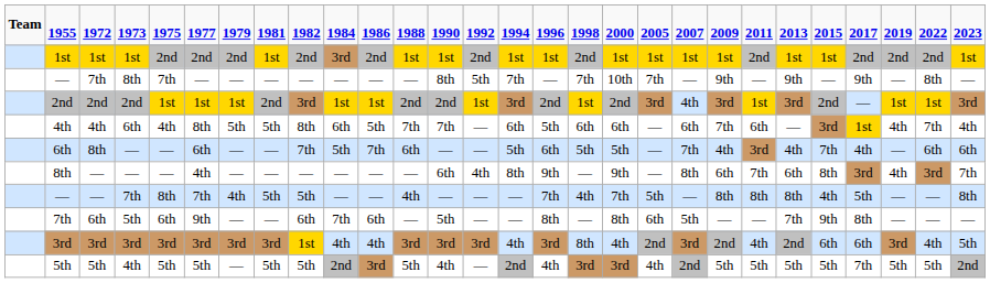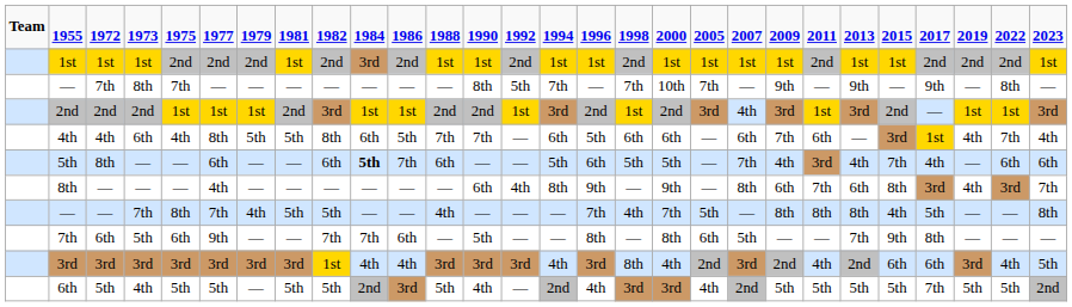 <table class="wikitable" style="text-align:center; font-size:90%">
 <tr>
 <td><strong>Team</strong></td>
 <td><strong><br><a href='#'>1955</a></strong></td>
 <td><strong><br><a href='#'>1972</a></strong></td>
 <td><strong><br><a href='#'>1973</a></strong></td>
 <td><strong><br><a href='#'>1975</a></strong></td>
 <td><strong><br><a href='#'>1977</a></strong></td>
 <td><strong><br><a href='#'>1979</a></strong></td>
 <td><strong><br><a href='#'>1981</a></strong></td>
 <td><strong><br><a href='#'>1982</a></strong></td>
 <td><strong><br><a href='#'>1984</a></strong></td>
 <td><strong><br><a href='#'>1986</a></strong></td>
 <td><strong><br><a href='#'>1988</a></strong></td>
 <td><strong><br><a href='#'>1990</a></strong></td>
 <td><strong><br><a href='#'>1992</a></strong></td>
 <td><strong><br><a href='#'>1994</a></strong></td>
 <td><strong><br><a href='#'>1996</a></strong></td>
 <td><strong><br><a href='#'>1998</a></strong></td>
 <td><strong><br><a href='#'>2000</a></strong></td>
 <td><strong><br><a href='#'>2005</a></strong></td>
 <td><strong><br><a href='#'>2007</a></strong></td>
 <td><strong><br><a href='#'>2009</a></strong></td>
 <td><strong><br><a href='#'>2011</a></strong></td>
 <td><strong><br><a href='#'>2013</a></strong></td>
 <td><strong><br><a href='#'>2015</a></strong></td>
 <td><strong><br><a href='#'>2017</a></strong></td>
 <td><strong><br><a href='#'>2019</a></strong></td>
 <td><strong><br><a href='#'>2022</a></strong></td>
 <td><strong><br><a href='#'>2023</a></strong></td>
 </tr>
 <tr bgcolor=#D0E6FF>
 <td align=left></td>
 <td bgcolor=gold>1st</td>
 <td bgcolor=gold>1st</td>
 <td bgcolor=gold>1st</td>
 <td bgcolor=silver>2nd</td>
 <td bgcolor=silver>2nd</td>
 <td bgcolor=silver>2nd</td>
 <td bgcolor=gold>1st</td>
 <td bgcolor=silver>2nd</td>
 <td bgcolor=#cc9966>3rd</td>
 <td bgcolor=silver>2nd</td>
 <td bgcolor=gold>1st</td>
 <td bgcolor=gold>1st</td>
 <td bgcolor=silver>2nd</td>
 <td bgcolor=gold>1st</td>
 <td bgcolor=gold>1st</td>
 <td bgcolor=silver>2nd</td>
 <td bgcolor=gold>1st</td>
 <td bgcolor=gold>1st</td>
 <td bgcolor=gold>1st</td>
 <td bgcolor=gold>1st</td>
 <td bgcolor=silver>2nd</td>
 <td bgcolor=gold>1st</td>
 <td bgcolor=gold>1st</td>
 <td bgcolor=silver>2nd</td>
 <td bgcolor=silver>2nd</td>
 <td bgcolor=silver>2nd</td>
 <td bgcolor=gold>1st</td>
 </tr>
 <tr bgcolor=#FFFFFF>
 <td align=left></td>
 <td>—</td>
 <td>7th</td>
 <td>8th</td>
 <td>7th</td>
 <td>—</td>
 <td>—</td>
 <td>—</td>
 <td>—</td>
 <td>—</td>
 <td>—</td>
 <td>—</td>
 <td>8th</td>
 <td>5th</td>
 <td>7th</td>
 <td>—</td>
 <td>7th</td>
 <td>10th</td>
 <td>7th</td>
 <td>—</td>
 <td>9th</td>
 <td>—</td>
 <td>9th</td>
 <td>—</td>
 <td>9th</td>
 <td>—</td>
 <td>8th</td>
 <td>—</td>
 </tr>
 <tr bgcolor=#D0E6FF>
 <td align=left></td>
 <td bgcolor=silver>2nd</td>
 <td bgcolor=silver>2nd</td>
 <td bgcolor=silver>2nd</td>
 <td bgcolor=gold>1st</td>
 <td bgcolor=gold>1st</td>
 <td bgcolor=gold>1st</td>
 <td bgcolor=silver>2nd</td>
 <td bgcolor=#cc9966>3rd</td>
 <td bgcolor=gold>1st</td>
 <td bgcolor=gold>1st</td>
 <td bgcolor=silver>2nd</td>
 <td bgcolor=silver>2nd</td>
 <td bgcolor=gold>1st</td>
 <td bgcolor=#cc9966>3rd</td>
 <td bgcolor=silver>2nd</td>
 <td bgcolor=gold>1st</td>
 <td bgcolor=silver>2nd</td>
 <td bgcolor=#cc9966>3rd</td>
 <td>4th</td>
 <td bgcolor=#cc9966>3rd</td>
 <td bgcolor=gold>1st</td>
 <td bgcolor=#cc9966>3rd</td>
 <td bgcolor=silver>2nd</td>
 <td>—</td>
 <td bgcolor=gold>1st</td>
 <td bgcolor=gold>1st</td>
 <td bgcolor=#cc9966>3rd</td>
 </tr>
 <tr bgcolor=#FFFFFF>
 <td align=left></td>
 <td>4th</td>
 <td>4th</td>
 <td>6th</td>
 <td>4th</td>
 <td>8th</td>
 <td>5th</td>
 <td>5th</td>
 <td>8th</td>
 <td>6th</td>
 <td>5th</td>
 <td>7th</td>
 <td>7th</td>
 <td>—</td>
 <td>6th</td>
 <td>5th</td>
 <td>6th</td>
 <td>6th</td>
 <td>—</td>
 <td>6th</td>
 <td>7th</td>
 <td>6th</td>
 <td>—</td>
 <td bgcolor=#cc9966>3rd</td>
 <td bgcolor=gold>1st</td>
 <td>4th</td>
 <td>7th</td>
 <td>4th</td>
 </tr>
 <tr bgcolor=#D0E6FF>
 <td align=left></td>
-<td>6th</td>
+<td>5th</td>
 <td>8th</td>
 <td>—</td>
 <td>—</td>
 <td>6th</td>
 <td>—</td>
 <td>—</td>
-<td>7th</td>
-<td>5th</td>
+<td>6th</td>
+<td><strong>5th</strong></td>
 <td>7th</td>
 <td>6th</td>
 <td>—</td>
 <td>—</td>
 <td>5th</td>
 <td>6th</td>
 <td>5th</td>
 <td>5th</td>
 <td>—</td>
 <td>7th</td>
 <td>4th</td>
 <td bgcolor=#cc9966>3rd</td>
 <td>4th</td>
 <td>7th</td>
 <td>4th</td>
 <td>—</td>
 <td>6th</td>
 <td>6th</td>
 </tr>
 <tr bgcolor=#FFFFFF>
 <td align=left></td>
 <td>8th</td>
 <td>—</td>
 <td>—</td>
 <td>—</td>
 <td>4th</td>
 <td>—</td>
 <td>—</td>
 <td>—</td>
 <td>—</td>
 <td>—</td>
 <td>—</td>
 <td>6th</td>
 <td>4th</td>
 <td>8th</td>
 <td>9th</td>
 <td>—</td>
 <td>9th</td>
 <td>—</td>
 <td>8th</td>
 <td>6th</td>
 <td>7th</td>
 <td>6th</td>
 <td>8th</td>
 <td bgcolor=#cc9966>3rd</td>
 <td>4th</td>
 <td bgcolor=#cc9966>3rd</td>
 <td>7th</td>
 </tr>
 <tr bgcolor=#D0E6FF>
 <td align=left></td>
 <td>—</td>
 <td>—</td>
 <td>7th</td>
 <td>8th</td>
 <td>7th</td>
 <td>4th</td>
 <td>5th</td>
 <td>5th</td>
 <td>—</td>
 <td>—</td>
 <td>4th</td>
 <td>—</td>
 <td>—</td>
 <td>—</td>
 <td>7th</td>
 <td>4th</td>
 <td>7th</td>
 <td>5th</td>
 <td>—</td>
 <td>8th</td>
 <td>8th</td>
 <td>8th</td>
 <td>4th</td>
 <td>5th</td>
 <td>—</td>
 <td>—</td>
 <td>8th</td>
 </tr>
 <tr bgcolor=#FFFFFF>
 <td align=left></td>
 <td>7th</td>
 <td>6th</td>
 <td>5th</td>
 <td>6th</td>
 <td>9th</td>
 <td>—</td>
 <td>—</td>
-<td>6th</td>
+<td>7th</td>
 <td>7th</td>
 <td>6th</td>
 <td>—</td>
 <td>5th</td>
 <td>—</td>
 <td>—</td>
 <td>8th</td>
 <td>—</td>
 <td>8th</td>
 <td>6th</td>
 <td>5th</td>
 <td>—</td>
 <td>—</td>
 <td>7th</td>
 <td>9th</td>
 <td>8th</td>
 <td>—</td>
 <td>—</td>
 <td>—</td>
 </tr>
 <tr bgcolor=#D0E6FF>
 <td align=left></td>
 <td bgcolor=#cc9966>3rd</td>
 <td bgcolor=#cc9966>3rd</td>
 <td bgcolor=#cc9966>3rd</td>
 <td bgcolor=#cc9966>3rd</td>
 <td bgcolor=#cc9966>3rd</td>
 <td bgcolor=#cc9966>3rd</td>
 <td bgcolor=#cc9966>3rd</td>
 <td bgcolor=gold>1st</td>
 <td>4th</td>
 <td>4th</td>
 <td bgcolor=#cc9966>3rd</td>
 <td bgcolor=#cc9966>3rd</td>
 <td bgcolor=#cc9966>3rd</td>
 <td>4th</td>
 <td bgcolor=#cc9966>3rd</td>
 <td>8th</td>
 <td>4th</td>
 <td bgcolor=silver>2nd</td>
 <td bgcolor=#cc9966>3rd</td>
 <td bgcolor=silver>2nd</td>
 <td>4th</td>
 <td bgcolor=silver>2nd</td>
 <td>6th</td>
 <td>6th</td>
 <td bgcolor=#cc9966>3rd</td>
 <td>4th</td>
 <td>5th</td>
 </tr>
 <tr bgcolor=#FFFFFF>
 <td align=left></td>
-<td>5th</td>
+<td>6th</td>
 <td>5th</td>
 <td>4th</td>
 <td>5th</td>
 <td>5th</td>
 <td>—</td>
 <td>5th</td>
 <td>5th</td>
 <td bgcolor=silver>2nd</td>
 <td bgcolor=#cc9966>3rd</td>
 <td>5th</td>
 <td>4th</td>
 <td>—</td>
 <td bgcolor=silver>2nd</td>
 <td>4th</td>
 <td bgcolor=#cc9966>3rd</td>
 <td bgcolor=#cc9966>3rd</td>
 <td>4th</td>
 <td bgcolor=silver>2nd</td>
 <td>5th</td>
 <td>5th</td>
 <td>5th</td>
 <td>5th</td>
 <td>7th</td>
 <td>5th</td>
 <td>5th</td>
 <td bgcolor=silver>2nd</td>
 </tr>
 </table>
